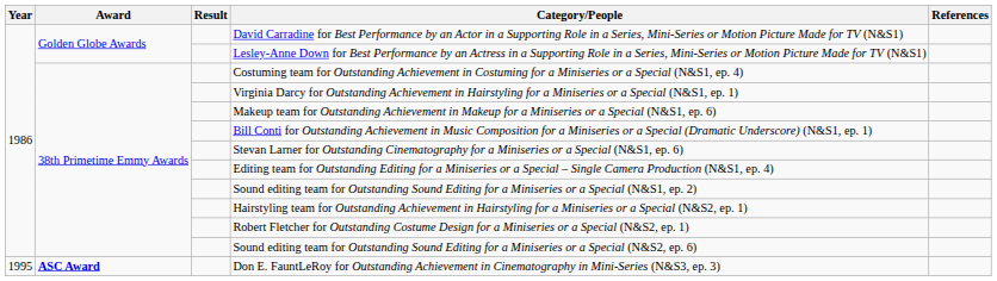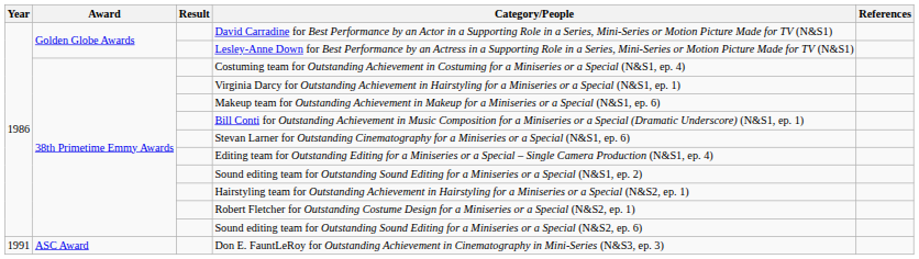 <table class="wikitable">
 <tr>
 <th>Year</th>
 <th>Award</th>
 <th>Result</th>
 <th>Category/People</th>
 <th>References</th>
 </tr>
 <tr>
 <td rowspan=12>1986</td>
 <td rowspan=2><a href='#'>Golden Globe Awards</a></td>
 <td></td>
 <td><a href='#'>David Carradine</a> for <em>Best Performance by an Actor in a Supporting Role in a Series, Mini-Series or Motion Picture Made for TV</em> (N&S1)</td>
 <td></td>
 </tr>
 <tr>
 <td></td>
 <td><a href='#'>Lesley-Anne Down</a> for <em>Best Performance by an Actress in a Supporting Role in a Series, Mini-Series or Motion Picture Made for TV</em> (N&S1)</td>
 <td></td>
 </tr>
 <tr>
 <td rowspan=10><a href='#'>38th Primetime Emmy Awards</a></td>
 <td></td>
 <td>Costuming team for <em>Outstanding Achievement in Costuming for a Miniseries or a Special</em> (N&S1, ep. 4)</td>
 <td></td>
 </tr>
 <tr>
 <td></td>
 <td>Virginia Darcy for <em>Outstanding Achievement in Hairstyling for a Miniseries or a Special</em> (N&S1, ep. 1)</td>
 <td></td>
 </tr>
 <tr>
 <td></td>
 <td>Makeup team for <em>Outstanding Achievement in Makeup for a Miniseries or a Special</em> (N&S1, ep. 6)</td>
 <td></td>
 </tr>
 <tr>
 <td></td>
 <td><a href='#'>Bill Conti</a> for <em>Outstanding Achievement in Music Composition for a Miniseries or a Special (Dramatic Underscore)</em> (N&S1, ep. 1)</td>
 <td></td>
 </tr>
 <tr>
 <td></td>
 <td>Stevan Larner for <em>Outstanding Cinematography for a Miniseries or a Special</em> (N&S1, ep. 6)</td>
 <td></td>
 </tr>
 <tr>
 <td></td>
 <td>Editing team for <em>Outstanding Editing for a Miniseries or a Special – Single Camera Production</em> (N&S1, ep. 4)</td>
 <td></td>
 </tr>
 <tr>
 <td></td>
 <td>Sound editing team for <em>Outstanding Sound Editing for a Miniseries or a Special</em> (N&S1, ep. 2)</td>
 <td></td>
 </tr>
 <tr>
 <td></td>
 <td>Hairstyling team for <em>Outstanding Achievement in Hairstyling for a Miniseries or a Special</em> (N&S2, ep. 1)</td>
 <td></td>
 </tr>
 <tr>
 <td></td>
 <td>Robert Fletcher for <em>Outstanding Costume Design for a Miniseries or a Special</em> (N&S2, ep. 1)</td>
 <td></td>
 </tr>
 <tr>
 <td></td>
 <td>Sound editing team for <em>Outstanding Sound Editing for a Miniseries or a Special</em> (N&S2, ep. 6)</td>
 <td></td>
 </tr>
 <tr>
-<td>1995</td>
-<td><strong><a href='#'>ASC Award</a></strong></td>
+<td>1991</td>
+<td><a href='#'>ASC Award</a></td>
 <td></td>
 <td>Don E. FauntLeRoy for <em>Outstanding Achievement in Cinematography in Mini-Series</em> (N&S3, ep. 3)</td>
 <td></td>
 </tr>
 </table>
